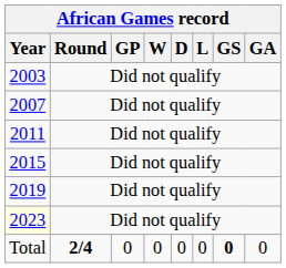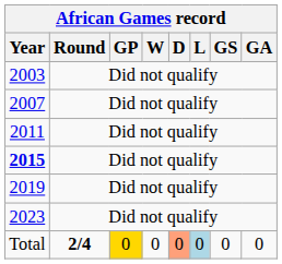 <table class="wikitable" style="text-align: center;">
 <tr>
 <th colspan=8><a href='#'>African Games</a> record</th>
 </tr>
 <tr>
 <th>Year</th>
 <th>Round</th>
 <th>GP</th>
 <th>W</th>
 <th>D</th>
 <th>L</th>
 <th>GS</th>
 <th>GA</th>
 </tr>
 <tr>
 <td> <a href='#'>2003</a></td>
 <td colspan=8>Did not qualify</td>
 </tr>
 <tr>
 <td> <a href='#'>2007</a></td>
 <td colspan=8>Did not qualify</td>
 </tr>
 <tr>
 <td> <a href='#'>2011</a></td>
 <td colspan=8>Did not qualify</td>
 </tr>
 <tr>
-<td> <a href='#'>2015</a></td>
+<td><strong> <a href='#'>2015</a></strong></td>
 <td colspan=8>Did not qualify</td>
 </tr>
 <tr>
 <td> <a href='#'>2019</a></td>
 <td colspan=8>Did not qualify</td>
 </tr>
 <tr>
-<td style="background: lightyellow;"> <a href='#'>2023</a></td>
+<td> <a href='#'>2023</a></td>
 <td colspan=8>Did not qualify</td>
 </tr>
 <tr>
 <td>Total</td>
 <td><strong>2/4</strong></td>
+<td style="background: gold;">0</td>
 <td>0</td>
+<td style="background: lightsalmon;">0</td>
+<td style="background: lightblue;">0</td>
 <td>0</td>
-<td>0</td>
-<td>0</td>
-<td><strong>0</strong></td>
 <td>0</td>
 </tr>
 </table>
